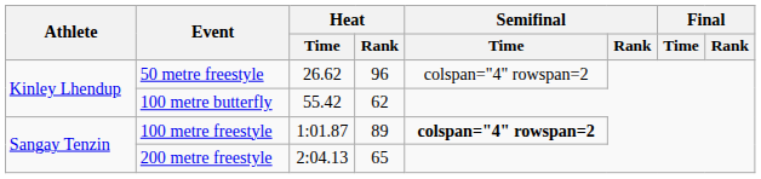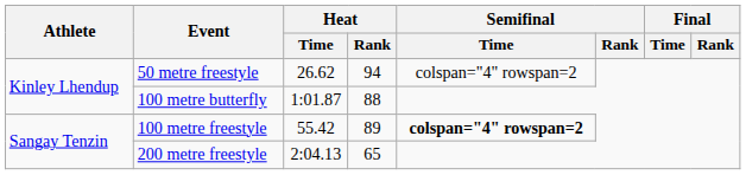 <table class="wikitable" style="text-align:center; font-size:90%; width:50%;">
 <tr>
 <th rowspan="2">Athlete</th>
 <th rowspan="2">Event</th>
 <th colspan="2">Heat</th>
 <th colspan="2">Semifinal</th>
 <th colspan="2">Final</th>
 </tr>
 <tr style="font-size:95%">
 <th>Time</th>
 <th>Rank</th>
 <th>Time</th>
 <th>Rank</th>
 <th>Time</th>
 <th>Rank</th>
 </tr>
 <tr>
 <td align=left rowspan=2><a href='#'>Kinley Lhendup</a></td>
 <td align=left><a href='#'>50 metre freestyle</a></td>
 <td>26.62</td>
-<td>96</td>
+<td>94</td>
 <td>colspan="4" rowspan=2</td>
 </tr>
 <tr>
 <td align=left><a href='#'>100 metre butterfly</a></td>
-<td>55.42</td>
-<td>62</td>
+<td>1:01.87</td>
+<td>88</td>
 </tr>
 <tr>
 <td align=left rowspan=2><a href='#'>Sangay Tenzin</a></td>
 <td align=left><a href='#'>100 metre freestyle</a></td>
-<td>1:01.87</td>
+<td>55.42</td>
 <td>89</td>
 <td><strong>colspan="4" rowspan=2</strong></td>
 </tr>
 <tr>
 <td align=left><a href='#'>200 metre freestyle</a></td>
 <td>2:04.13</td>
 <td>65</td>
 </tr>
 </table>
